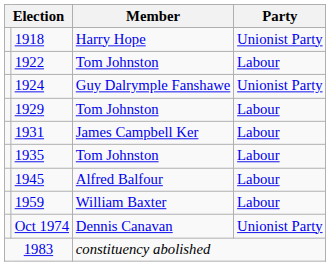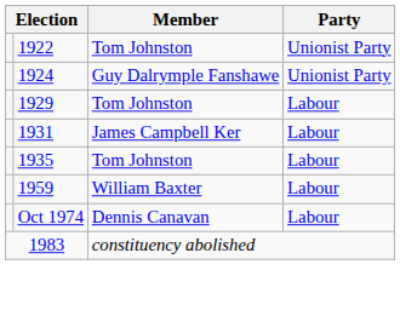 <table class="wikitable">
 <tr>
 <th colspan="2">Election</th>
 <th>Member</th>
 <th>Party</th>
 </tr>
 <tr>
 <td style="color:inherit;background-color: "></td>
-<td><a href='#'>1918</a></td>
-<td><a href='#'>Harry Hope</a></td>
-<td><a href='#'>Unionist Party</a></td>
-</tr>
-<tr>
-<td style="color:inherit;background-color: "></td>
 <td><a href='#'>1922</a></td>
 <td><a href='#'>Tom Johnston</a></td>
-<td><a href='#'>Labour</a></td>
+<td><a href='#'>Unionist Party</a></td>
 </tr>
 <tr>
 <td style="color:inherit;background-color: "></td>
 <td><a href='#'>1924</a></td>
 <td><a href='#'>Guy Dalrymple Fanshawe</a></td>
 <td><a href='#'>Unionist Party</a></td>
 </tr>
 <tr>
 <td style="color:inherit;background-color: "></td>
 <td><a href='#'>1929</a></td>
 <td><a href='#'>Tom Johnston</a></td>
 <td><a href='#'>Labour</a></td>
 </tr>
 <tr>
 <td style="color:inherit;background-color: "></td>
 <td><a href='#'>1931</a></td>
 <td><a href='#'>James Campbell Ker</a></td>
 <td><a href='#'>Labour</a></td>
 </tr>
 <tr>
 <td style="color:inherit;background-color: "></td>
 <td><a href='#'>1935</a></td>
 <td><a href='#'>Tom Johnston</a></td>
 <td><a href='#'>Labour</a></td>
 </tr>
 <tr>
 <td style="color:inherit;background-color: "></td>
-<td><a href='#'>1945</a></td>
-<td><a href='#'>Alfred Balfour</a></td>
-<td><a href='#'>Labour</a></td>
-</tr>
-<tr>
-<td style="color:inherit;background-color: "></td>
 <td><a href='#'>1959</a></td>
 <td><a href='#'>William Baxter</a></td>
 <td><a href='#'>Labour</a></td>
 </tr>
 <tr>
 <td style="color:inherit;background-color: "></td>
 <td><a href='#'>Oct 1974</a></td>
 <td><a href='#'>Dennis Canavan</a></td>
-<td><a href='#'>Unionist Party</a></td>
+<td><a href='#'>Labour</a></td>
 </tr>
 <tr>
 <td colspan="2" align="center"><a href='#'>1983</a></td>
 <td colspan="2"><em>constituency abolished</em></td>
 </tr>
 </table>
